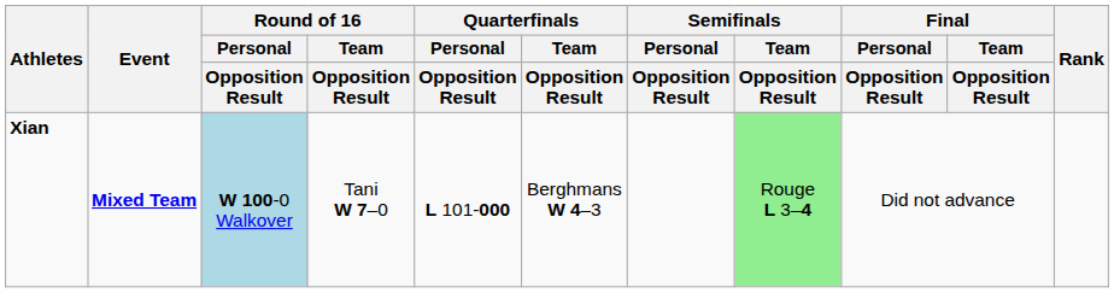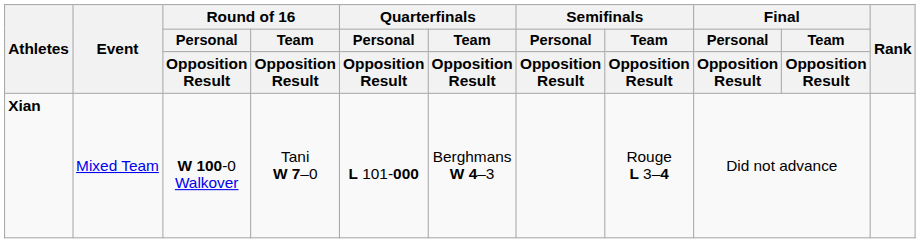 <table class="wikitable" style="font-size:90%">
 <tr>
 <th rowspan="3">Athletes</th>
 <th rowspan="3">Event</th>
 <th colspan="2">Round of 16</th>
 <th colspan="2">Quarterfinals</th>
 <th colspan="2">Semifinals</th>
 <th colspan="2">Final</th>
 <th rowspan="3">Rank</th>
 </tr>
 <tr style="font-size:95%">
 <th>Personal</th>
 <th>Team</th>
 <th>Personal</th>
 <th>Team</th>
 <th>Personal</th>
 <th>Team</th>
 <th>Personal</th>
 <th>Team</th>
 </tr>
 <tr>
 <th>Opposition<br>Result</th>
 <th>Opposition<br>Result</th>
 <th>Opposition<br>Result</th>
 <th>Opposition<br>Result</th>
 <th>Opposition<br>Result</th>
 <th>Opposition<br>Result</th>
 <th>Opposition<br>Result</th>
 <th>Opposition<br>Result</th>
 </tr>
 <tr align="center">
 <td align="left"><strong>Xian</strong><br><br><br><br><br><br><br><br></td>
-<td align="left"><strong><a href='#'>Mixed Team</a></strong></td>
-<td style="background: lightblue;"><br><strong>W</strong> <strong>100</strong>-0<br><a href='#'>Walkover</a></td>
+<td align="left"><a href='#'>Mixed Team</a></td>
+<td><br><strong>W</strong> <strong>100</strong>-0<br><a href='#'>Walkover</a></td>
 <td>Tani<br><strong>W</strong> <strong>7</strong>–0</td>
 <td><br><strong>L</strong> 101-<strong>000</strong></td>
 <td>Berghmans<br><strong>W</strong> <strong>4</strong>–3</td>
 <td></td>
-<td style="background: lightgreen;">Rouge<br><strong>L</strong> 3–<strong>4</strong></td>
+<td>Rouge<br><strong>L</strong> 3–<strong>4</strong></td>
 <td colspan="2">Did not advance</td>
 <td></td>
 </tr>
 </table>
